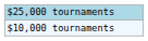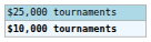 <table class="wikitable" style="font-size:85%; width:13%;">
 <tr style="background:lightblue;">
 <td>$25,000 tournaments</td>
 </tr>
 <tr style="background:#f0f8ff;">
-<td>$10,000 tournaments</td>
+<td><strong>$10,000 tournaments</strong></td>
 </tr>
 </table>
